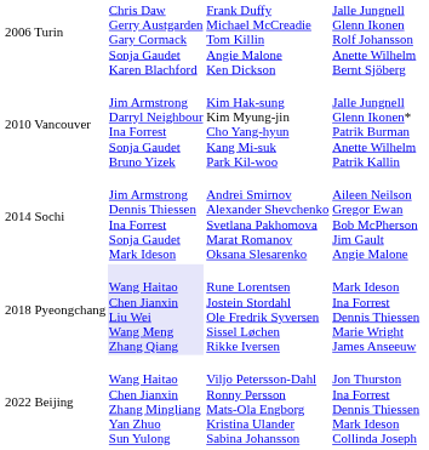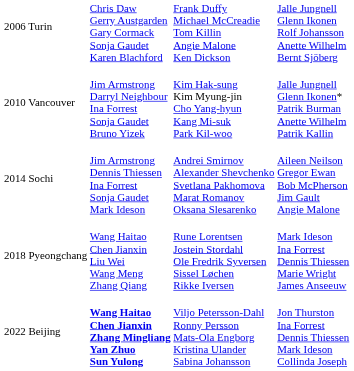 <table>
 <tr>
 <td>2006 Turin<br></td>
 <td><br><a href='#'>Chris Daw</a><br><a href='#'>Gerry Austgarden</a><br><a href='#'>Gary Cormack</a><br><a href='#'>Sonja Gaudet</a><br><a href='#'>Karen Blachford</a></td>
 <td><br><a href='#'>Frank Duffy</a><br><a href='#'>Michael McCreadie</a><br><a href='#'>Tom Killin</a><br><a href='#'>Angie Malone</a><br><a href='#'>Ken Dickson</a></td>
 <td><br><a href='#'>Jalle Jungnell</a><br><a href='#'>Glenn Ikonen</a><br><a href='#'>Rolf Johansson</a><br><a href='#'>Anette Wilhelm</a><br><a href='#'>Bernt Sjöberg</a></td>
 </tr>
 <tr>
 <td>2010 Vancouver<br></td>
 <td><br><a href='#'>Jim Armstrong</a><br><a href='#'>Darryl Neighbour</a><br><a href='#'>Ina Forrest</a><br><a href='#'>Sonja Gaudet</a><br><a href='#'>Bruno Yizek</a></td>
 <td><br><a href='#'>Kim Hak-sung</a><br>Kim Myung-jin<br><a href='#'>Cho Yang-hyun</a><br><a href='#'>Kang Mi-suk</a><br><a href='#'>Park Kil-woo</a></td>
 <td><br><a href='#'>Jalle Jungnell</a><br><a href='#'>Glenn Ikonen</a>*<br><a href='#'>Patrik Burman</a><br><a href='#'>Anette Wilhelm</a><br><a href='#'>Patrik Kallin</a></td>
 </tr>
 <tr>
 <td>2014 Sochi<br></td>
 <td><br><a href='#'>Jim Armstrong</a><br><a href='#'>Dennis Thiessen</a><br><a href='#'>Ina Forrest</a><br><a href='#'>Sonja Gaudet</a><br><a href='#'>Mark Ideson</a></td>
 <td><br><a href='#'>Andrei Smirnov</a><br><a href='#'>Alexander Shevchenko</a><br><a href='#'>Svetlana Pakhomova</a><br><a href='#'>Marat Romanov</a><br><a href='#'>Oksana Slesarenko</a></td>
 <td><br><a href='#'>Aileen Neilson</a><br><a href='#'>Gregor Ewan</a><br><a href='#'>Bob McPherson</a><br><a href='#'>Jim Gault</a><br><a href='#'>Angie Malone</a></td>
 </tr>
 <tr>
 <td>2018 Pyeongchang<br></td>
-<td style="background: lavender;"><br><a href='#'>Wang Haitao</a><br><a href='#'>Chen Jianxin</a><br><a href='#'>Liu Wei</a><br><a href='#'>Wang Meng</a><br><a href='#'>Zhang Qiang</a></td>
+<td><br><a href='#'>Wang Haitao</a><br><a href='#'>Chen Jianxin</a><br><a href='#'>Liu Wei</a><br><a href='#'>Wang Meng</a><br><a href='#'>Zhang Qiang</a></td>
 <td><br><a href='#'>Rune Lorentsen</a><br><a href='#'>Jostein Stordahl</a><br><a href='#'>Ole Fredrik Syversen</a><br><a href='#'>Sissel Løchen</a><br><a href='#'>Rikke Iversen</a></td>
 <td><br><a href='#'>Mark Ideson</a><br><a href='#'>Ina Forrest</a><br><a href='#'>Dennis Thiessen</a><br><a href='#'>Marie Wright</a><br><a href='#'>James Anseeuw</a></td>
 </tr>
 <tr>
 <td>2022 Beijing<br></td>
-<td><br><a href='#'>Wang Haitao</a><br><a href='#'>Chen Jianxin</a><br><a href='#'>Zhang Mingliang</a><br><a href='#'>Yan Zhuo</a><br><a href='#'>Sun Yulong</a></td>
+<td><strong><br><a href='#'>Wang Haitao</a><br><a href='#'>Chen Jianxin</a><br><a href='#'>Zhang Mingliang</a><br><a href='#'>Yan Zhuo</a><br><a href='#'>Sun Yulong</a></strong></td>
 <td><br><a href='#'>Viljo Petersson-Dahl</a><br><a href='#'>Ronny Persson</a><br><a href='#'>Mats-Ola Engborg</a><br><a href='#'>Kristina Ulander</a><br><a href='#'>Sabina Johansson</a></td>
 <td><br><a href='#'>Jon Thurston</a><br><a href='#'>Ina Forrest</a><br><a href='#'>Dennis Thiessen</a><br><a href='#'>Mark Ideson</a><br><a href='#'>Collinda Joseph</a></td>
 </tr>
 </table>
